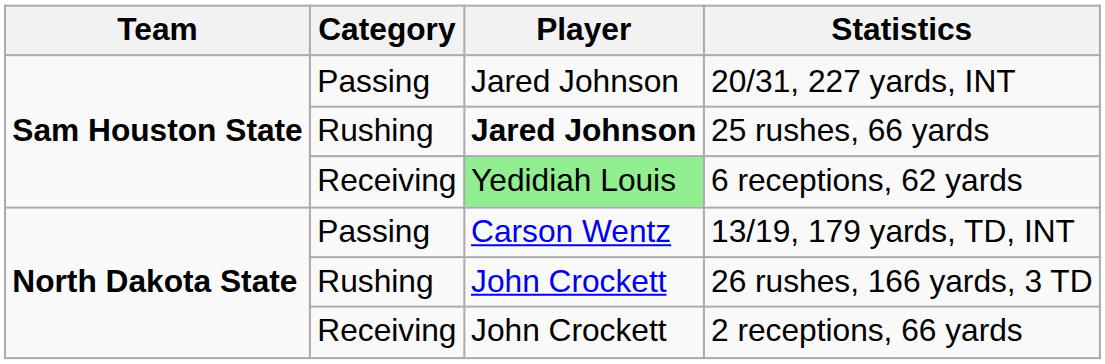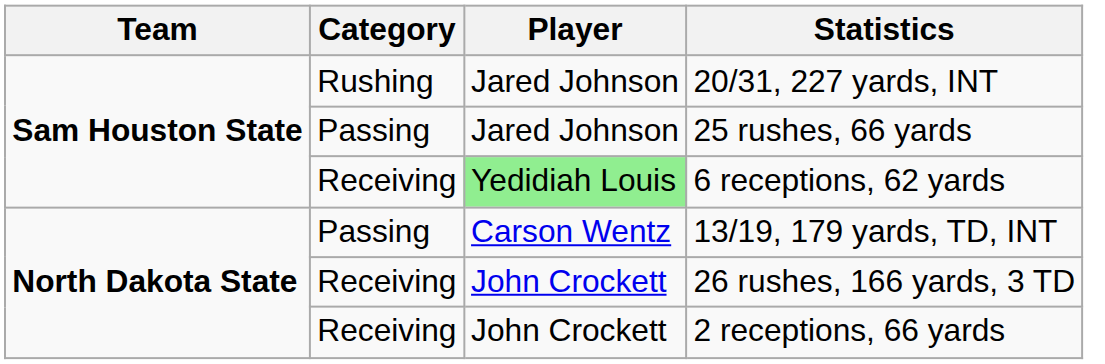 <table class="wikitable" style="float: left;">
 <tr>
 <th>Team</th>
 <th>Category</th>
 <th>Player</th>
 <th>Statistics</th>
 </tr>
 <tr>
 <td rowspan=3><strong>Sam Houston State</strong></td>
-<td>Passing</td>
+<td>Rushing</td>
 <td>Jared Johnson</td>
 <td>20/31, 227 yards, INT</td>
 </tr>
 <tr>
-<td>Rushing</td>
-<td><strong>Jared Johnson</strong></td>
+<td>Passing</td>
+<td>Jared Johnson</td>
 <td>25 rushes, 66 yards</td>
 </tr>
 <tr>
 <td>Receiving</td>
 <td style="background: lightgreen;">Yedidiah Louis</td>
 <td>6 receptions, 62 yards</td>
 </tr>
 <tr>
 <td rowspan=3><strong>North Dakota State</strong></td>
 <td>Passing</td>
 <td><a href='#'>Carson Wentz</a></td>
 <td>13/19, 179 yards, TD, INT</td>
 </tr>
 <tr>
-<td>Rushing</td>
+<td>Receiving</td>
 <td><a href='#'>John Crockett</a></td>
 <td>26 rushes, 166 yards, 3 TD</td>
 </tr>
 <tr>
 <td>Receiving</td>
 <td>John Crockett</td>
 <td>2 receptions, 66 yards</td>
 </tr>
 </table>
